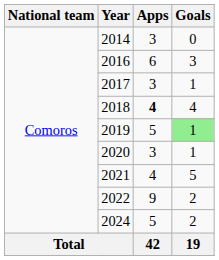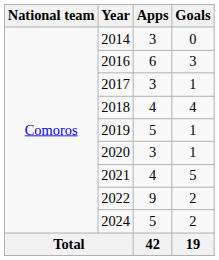 <table class="wikitable" style="text-align:center;">
 <tr>
 <th>National team</th>
 <th>Year</th>
 <th>Apps</th>
 <th>Goals</th>
 </tr>
 <tr>
 <td rowspan="9"><a href='#'>Comoros</a></td>
 <td>2014</td>
 <td>3</td>
 <td>0</td>
 </tr>
 <tr>
 <td>2016</td>
 <td>6</td>
 <td>3</td>
 </tr>
 <tr>
 <td>2017</td>
 <td>3</td>
 <td>1</td>
 </tr>
 <tr>
 <td>2018</td>
-<td><strong>4</strong></td>
+<td>4</td>
 <td>4</td>
 </tr>
 <tr>
 <td>2019</td>
 <td>5</td>
-<td style="background: lightgreen;">1</td>
+<td>1</td>
 </tr>
 <tr>
 <td>2020</td>
 <td>3</td>
 <td>1</td>
 </tr>
 <tr>
 <td>2021</td>
 <td>4</td>
 <td>5</td>
 </tr>
 <tr>
 <td>2022</td>
 <td>9</td>
 <td>2</td>
 </tr>
 <tr>
 <td>2024</td>
 <td>5</td>
 <td>2</td>
 </tr>
 <tr>
 <th colspan="2">Total</th>
 <th>42</th>
 <th>19</th>
 </tr>
 </table>
